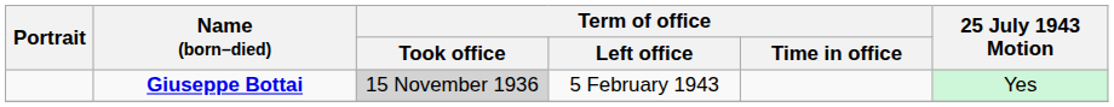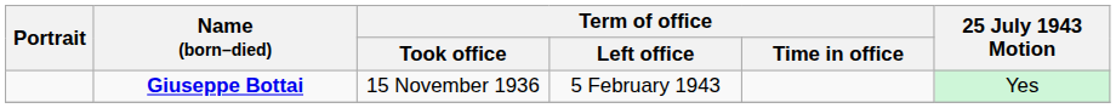 <table class="wikitable" style="text-align:center;" style="width=90%">
 <tr>
 <th width=1% rowspan=2>Portrait</th>
 <th width=15% rowspan=2>Name<br><small>(born–died)</small></th>
 <th width=30% colspan=3>Term of office</th>
 <th width=10% rowspan=2>25 July 1943 Motion</th>
 </tr>
 <tr style="text-align:center;">
 <th width=11%>Took office</th>
 <th width=11%>Left office</th>
 <th width=11%>Time in office</th>
 </tr>
 <tr>
 <td></td>
 <td><strong><a href='#'>Giuseppe Bottai</a></strong><br></td>
-<td style="background: lightgrey;">15 November 1936</td>
+<td>15 November 1936</td>
 <td>5 February 1943</td>
 <td></td>
 <td align=center style="background:#CEF6D8">Yes</td>
 </tr>
 <tr>
 </tr>
 </table>
